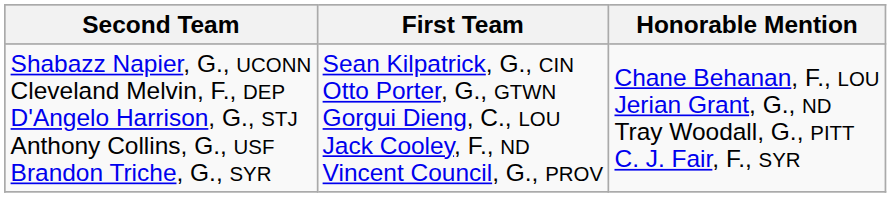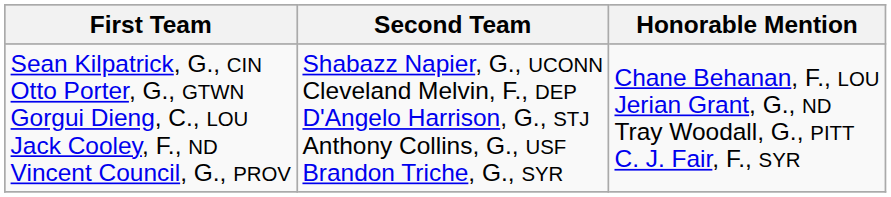 <table class="wikitable" style="white-space:nowrap; font-size:90%;">
 <tr>
+<th>First Team</th>
 <th>Second Team</th>
-<th>First Team</th>
 <th>Honorable Mention</th>
 </tr>
 <tr>
+<td><a href='#'>Sean Kilpatrick</a>, G., <small>CIN</small><br><a href='#'>Otto Porter</a>, G., <small>GTWN</small><br><a href='#'>Gorgui Dieng</a>, C., <small>LOU</small><br><a href='#'>Jack Cooley</a>, F., <small>ND</small><br><a href='#'>Vincent Council</a>, G., <small>PROV</small></td>
 <td><a href='#'>Shabazz Napier</a>, G., <small>UCONN</small><br>Cleveland Melvin, F., <small>DEP</small><br><a href='#'>D'Angelo Harrison</a>, G., <small>STJ</small><br>Anthony Collins, G., <small>USF</small><br><a href='#'>Brandon Triche</a>, G., <small>SYR</small></td>
-<td><a href='#'>Sean Kilpatrick</a>, G., <small>CIN</small><br><a href='#'>Otto Porter</a>, G., <small>GTWN</small><br><a href='#'>Gorgui Dieng</a>, C., <small>LOU</small><br><a href='#'>Jack Cooley</a>, F., <small>ND</small><br><a href='#'>Vincent Council</a>, G., <small>PROV</small></td>
 <td><a href='#'>Chane Behanan</a>, F., <small>LOU</small><br><a href='#'>Jerian Grant</a>, G., <small>ND</small><br>Tray Woodall, G., <small>PITT</small><br><a href='#'>C. J. Fair</a>, F., <small>SYR</small></td>
 </tr>
 </table>
